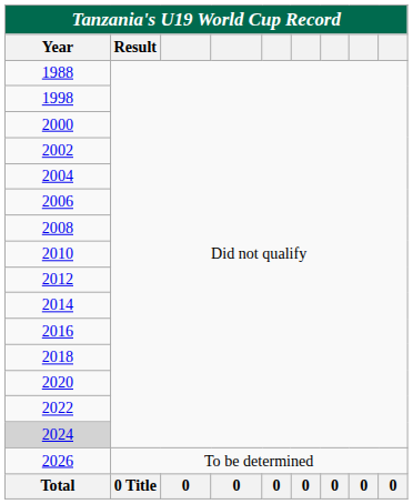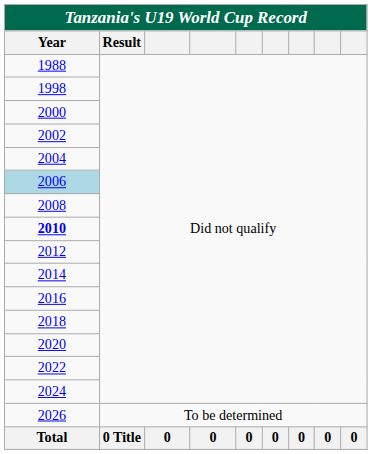 <table class="wikitable" style="font-size:90%; text-align:center">
 <tr>
 <th style="color:white; background:#006A4E;" colspan=9><strong><em><big>Tanzania's U19 World Cup Record</big></em></strong></th>
 </tr>
 <tr>
 <th width="90">Year</th>
 <th>Result</th>
 <th width="40"></th>
 <th width="40"></th>
 <th width="20"></th>
 <th width="20"></th>
 <th width="20"></th>
 <th width="20"></th>
 <th width="20"></th>
 </tr>
 <tr>
 <td> <a href='#'>1988</a></td>
 <td rowspan=15 colspan=8>Did not qualify</td>
 </tr>
 <tr>
 <td> <a href='#'>1998</a></td>
 </tr>
 <tr>
 <td> <a href='#'>2000</a></td>
 </tr>
 <tr>
 <td> <a href='#'>2002</a></td>
 </tr>
 <tr>
 <td> <a href='#'>2004</a></td>
 </tr>
 <tr>
-<td> <a href='#'>2006</a></td>
+<td style="background: lightblue;"> <a href='#'>2006</a></td>
 </tr>
 <tr>
 <td> <a href='#'>2008</a></td>
 </tr>
 <tr>
-<td> <a href='#'>2010</a></td>
+<td><strong> <a href='#'>2010</a></strong></td>
 </tr>
 <tr>
 <td> <a href='#'>2012</a></td>
 </tr>
 <tr>
 <td> <a href='#'>2014</a></td>
 </tr>
 <tr>
 <td> <a href='#'>2016</a></td>
 </tr>
 <tr>
 <td> <a href='#'>2018</a></td>
 </tr>
 <tr>
 <td> <a href='#'>2020</a></td>
 </tr>
 <tr>
 <td> <a href='#'>2022</a></td>
 </tr>
 <tr>
-<td style="background: lightgrey;"> <a href='#'>2024</a></td>
+<td> <a href='#'>2024</a></td>
 </tr>
 <tr>
 <td>  <a href='#'>2026</a></td>
 <td colspan=8>To be determined</td>
 </tr>
 <tr>
 <th>Total</th>
 <th>0 Title</th>
 <th>0</th>
 <th>0</th>
 <th>0</th>
 <th>0</th>
 <th>0</th>
 <th>0</th>
 <th>0</th>
 </tr>
 </table>
